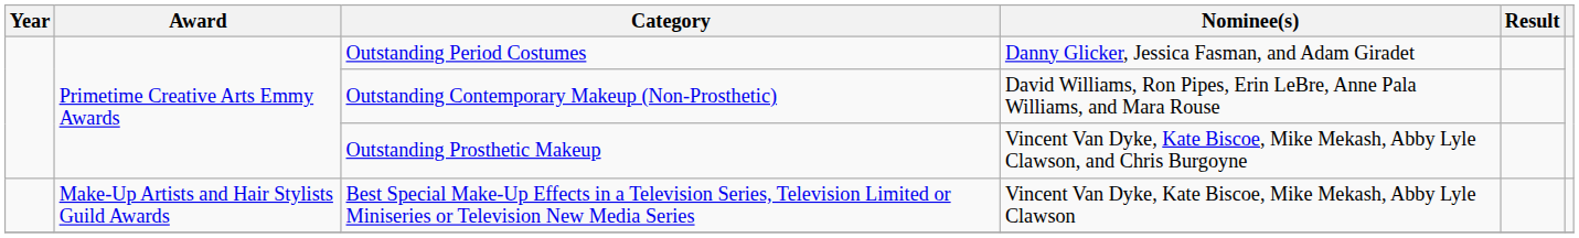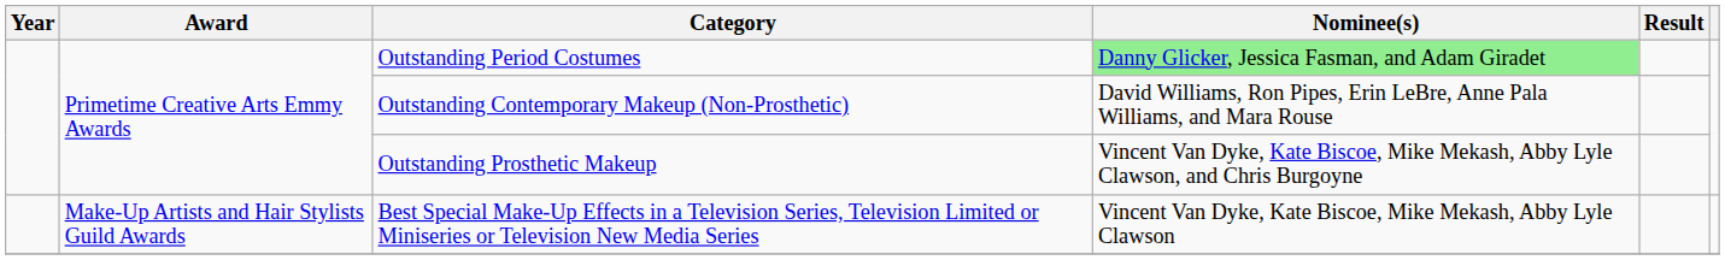 <table class="wikitable sortable plainrowheaders">
 <tr>
 <th>Year</th>
 <th>Award</th>
 <th>Category</th>
 <th>Nominee(s)</th>
 <th>Result</th>
 <th></th>
 </tr>
 <tr>
 <td rowspan="3"></td>
 <td rowspan="3"><a href='#'>Primetime Creative Arts Emmy Awards</a></td>
 <td><a href='#'>Outstanding Period Costumes</a></td>
-<td><a href='#'>Danny Glicker</a>, Jessica Fasman, and Adam Giradet </td>
+<td style="background: lightgreen;"><a href='#'>Danny Glicker</a>, Jessica Fasman, and Adam Giradet </td>
 <td></td>
 <td align="center" rowspan="3"></td>
 </tr>
 <tr>
 <td><a href='#'>Outstanding Contemporary Makeup (Non-Prosthetic)</a></td>
 <td>David Williams, Ron Pipes, Erin LeBre, Anne Pala Williams, and Mara Rouse </td>
 <td></td>
 </tr>
 <tr>
 <td><a href='#'>Outstanding Prosthetic Makeup</a></td>
 <td>Vincent Van Dyke, <a href='#'>Kate Biscoe</a>, Mike Mekash, Abby Lyle Clawson, and Chris Burgoyne</td>
 <td></td>
 </tr>
 <tr>
 <td></td>
 <td><a href='#'>Make-Up Artists and Hair Stylists Guild Awards</a></td>
 <td><a href='#'>Best Special Make-Up Effects in a Television Series, Television Limited or Miniseries or Television New Media Series</a></td>
 <td>Vincent Van Dyke, Kate Biscoe, Mike Mekash, Abby Lyle Clawson</td>
 <td></td>
 <td align="center"></td>
 </tr>
 <tr>
 </tr>
 </table>
